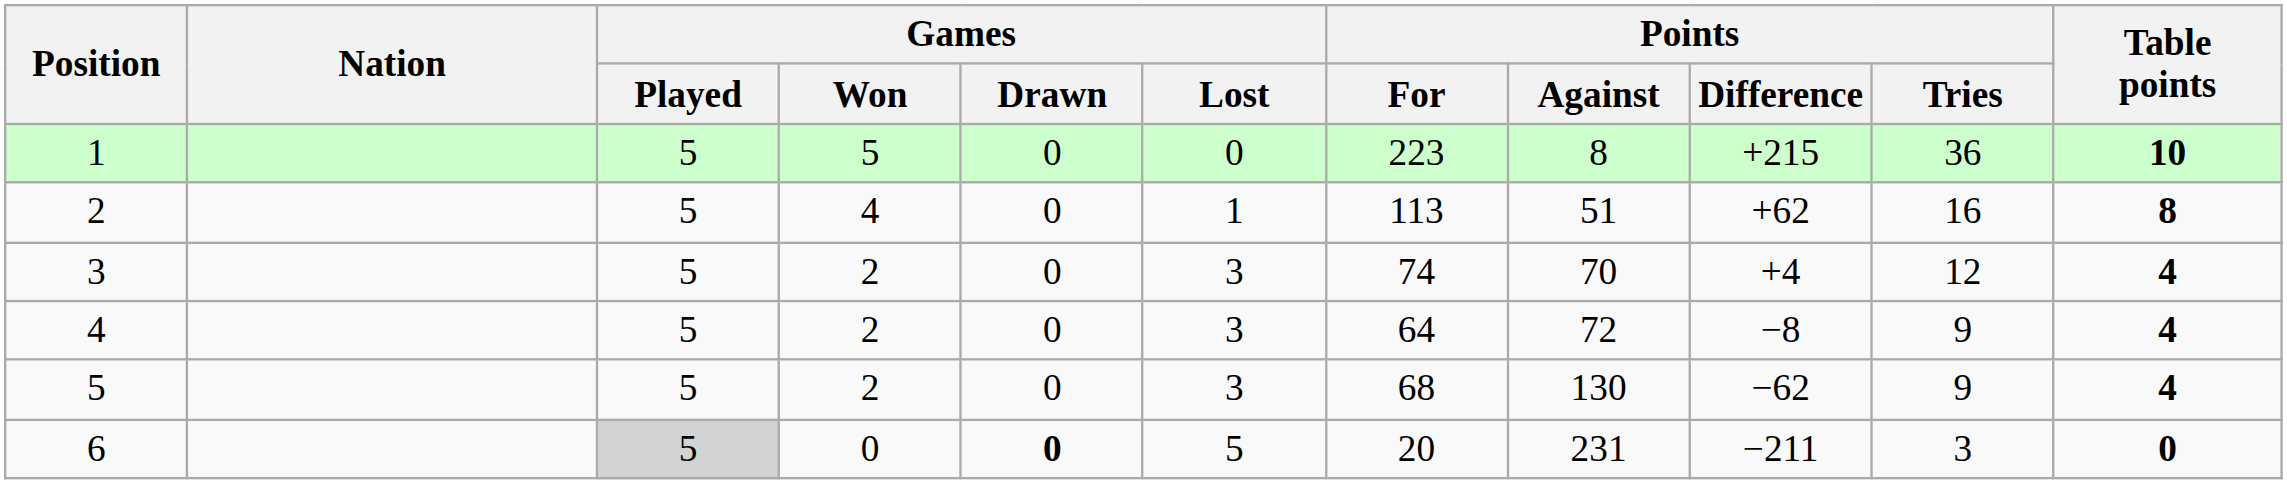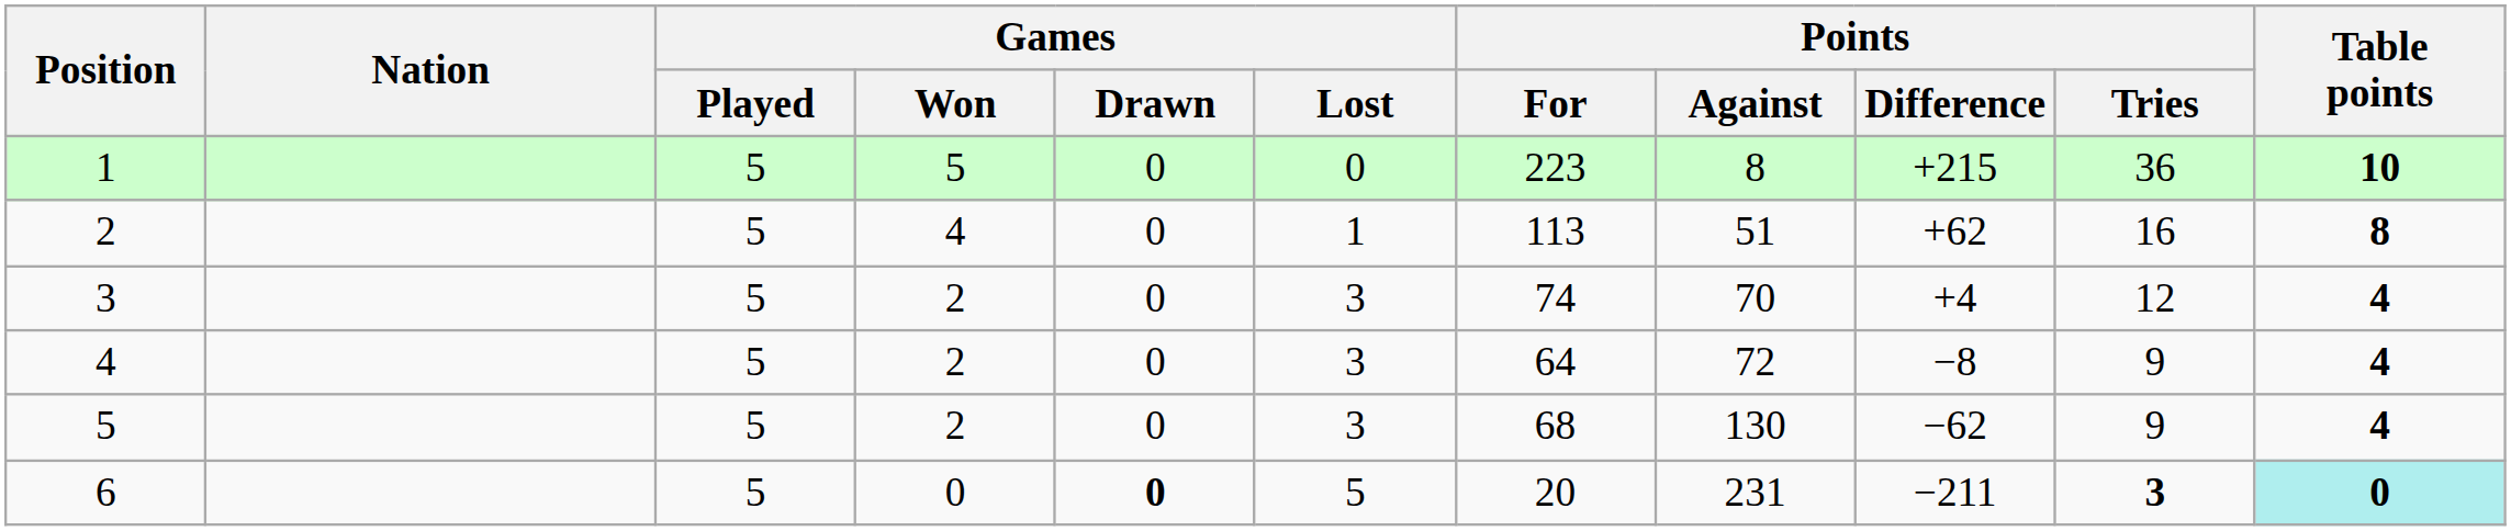 <table class="wikitable" style="text-align: center;">
 <tr>
 <th rowspan=2 width="8%">Position</th>
 <th rowspan=2 width="18%">Nation</th>
 <th colspan=4 width="32%">Games</th>
 <th colspan=4 width="32%">Points</th>
 <th rowspan=2 width="10%">Table<br>points</th>
 </tr>
 <tr>
 <th width="8%">Played</th>
 <th width="8%">Won</th>
 <th width="8%">Drawn</th>
 <th width="8%">Lost</th>
 <th width="8%">For</th>
 <th width="8%">Against</th>
 <th width="8%">Difference</th>
 <th width="8%">Tries</th>
 </tr>
 <tr bgcolor=#ccffcc align=center>
 <td>1</td>
 <td align=left></td>
 <td>5</td>
 <td>5</td>
 <td>0</td>
 <td>0</td>
 <td>223</td>
 <td>8</td>
 <td>+215</td>
 <td>36</td>
 <td><strong>10</strong></td>
 </tr>
 <tr>
 <td>2</td>
 <td align=left></td>
 <td>5</td>
 <td>4</td>
 <td>0</td>
 <td>1</td>
 <td>113</td>
 <td>51</td>
 <td>+62</td>
 <td>16</td>
 <td><strong>8</strong></td>
 </tr>
 <tr>
 <td>3</td>
 <td align=left></td>
 <td>5</td>
 <td>2</td>
 <td>0</td>
 <td>3</td>
 <td>74</td>
 <td>70</td>
 <td>+4</td>
 <td>12</td>
 <td><strong>4</strong></td>
 </tr>
 <tr>
 <td>4</td>
 <td align=left></td>
 <td>5</td>
 <td>2</td>
 <td>0</td>
 <td>3</td>
 <td>64</td>
 <td>72</td>
 <td>−8</td>
 <td>9</td>
 <td><strong>4</strong></td>
 </tr>
 <tr>
 <td>5</td>
 <td align=left></td>
 <td>5</td>
 <td>2</td>
 <td>0</td>
 <td>3</td>
 <td>68</td>
 <td>130</td>
 <td>−62</td>
 <td>9</td>
 <td><strong>4</strong></td>
 </tr>
 <tr>
 <td>6</td>
 <td align=left></td>
-<td style="background: lightgrey;">5</td>
+<td>5</td>
 <td>0</td>
 <td><strong>0</strong></td>
 <td>5</td>
 <td>20</td>
 <td>231</td>
 <td>−211</td>
-<td>3</td>
-<td><strong>0</strong></td>
+<td><strong>3</strong></td>
+<td style="background: paleturquoise;"><strong>0</strong></td>
 </tr>
 </table>
